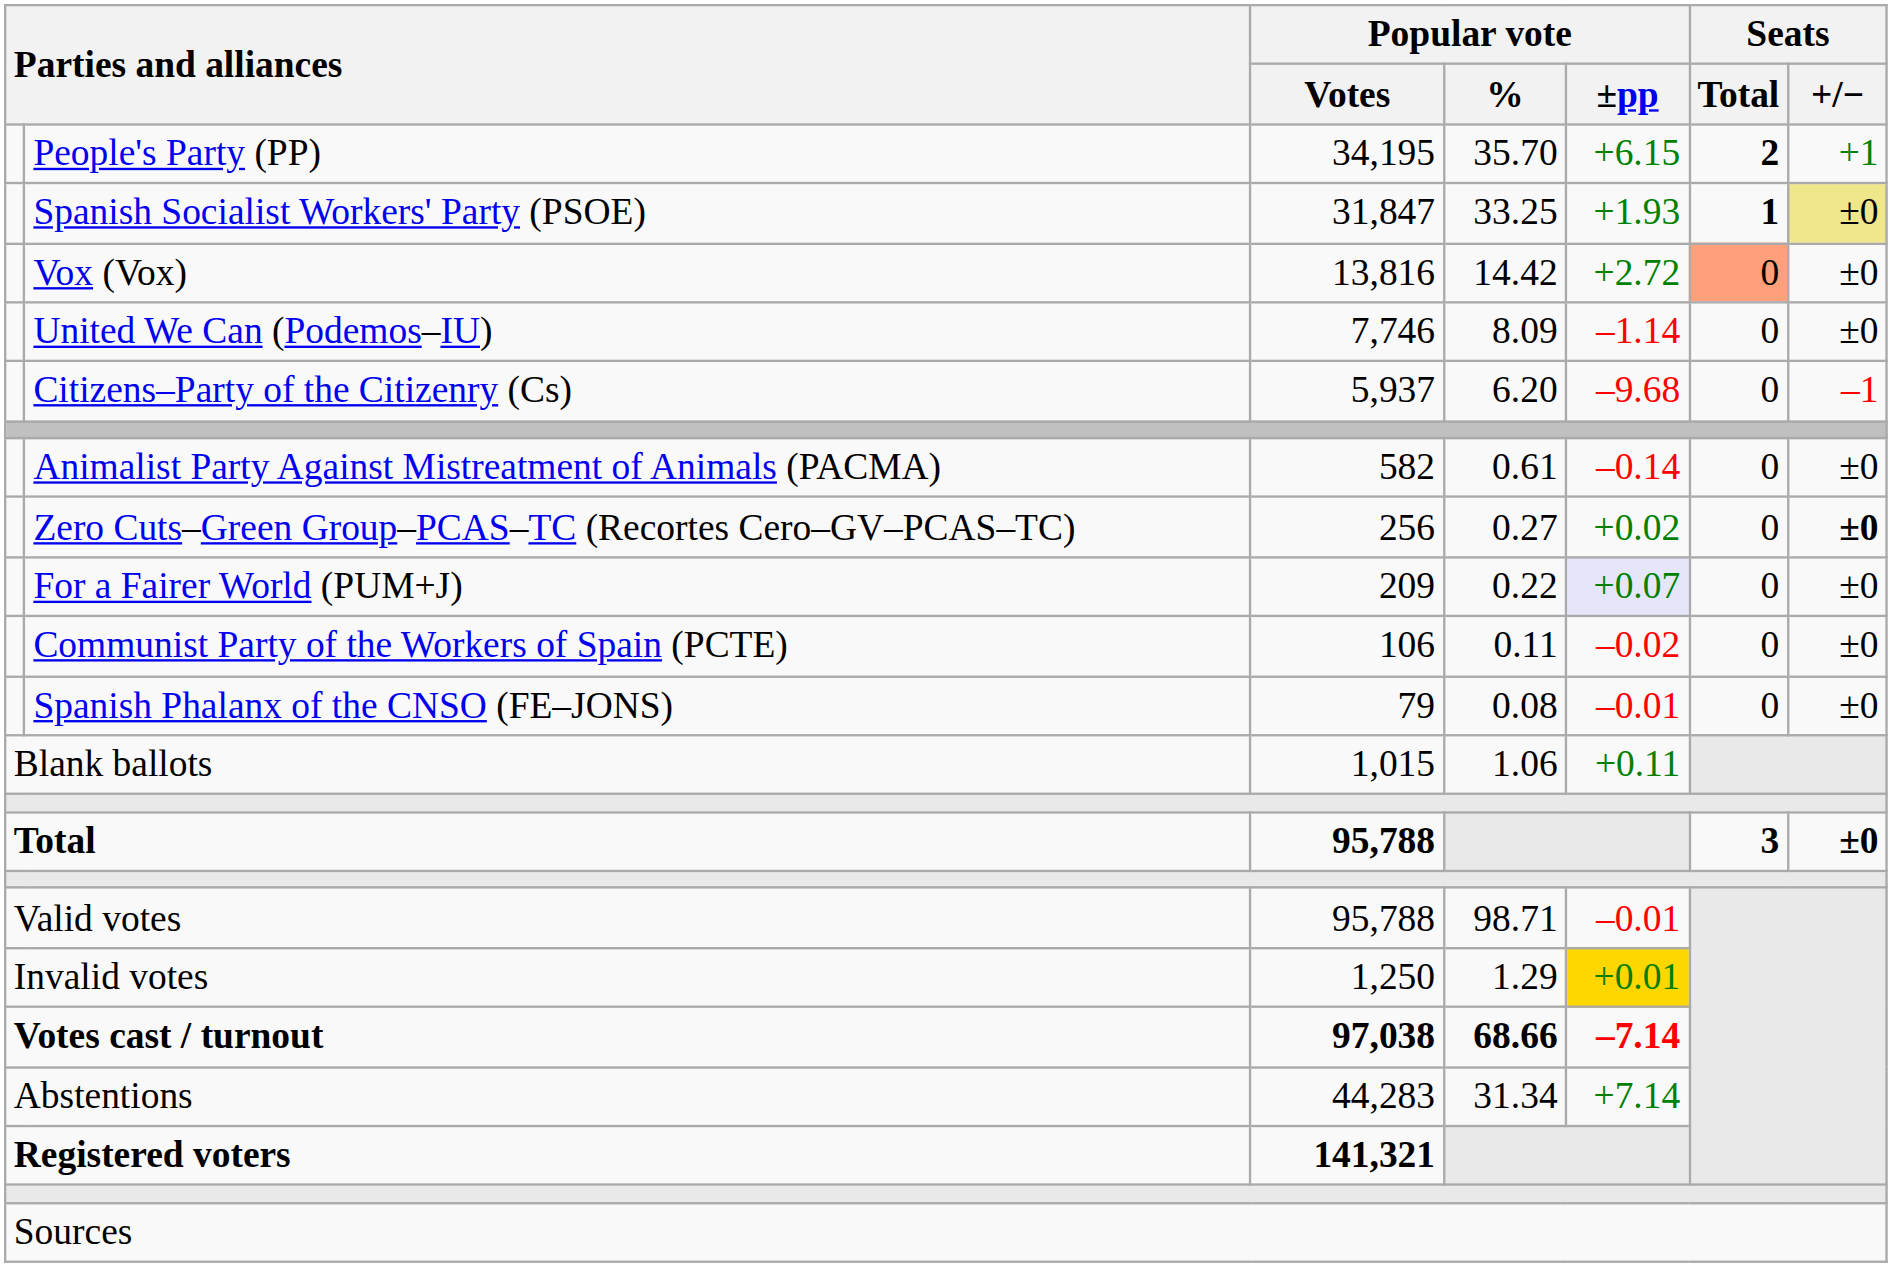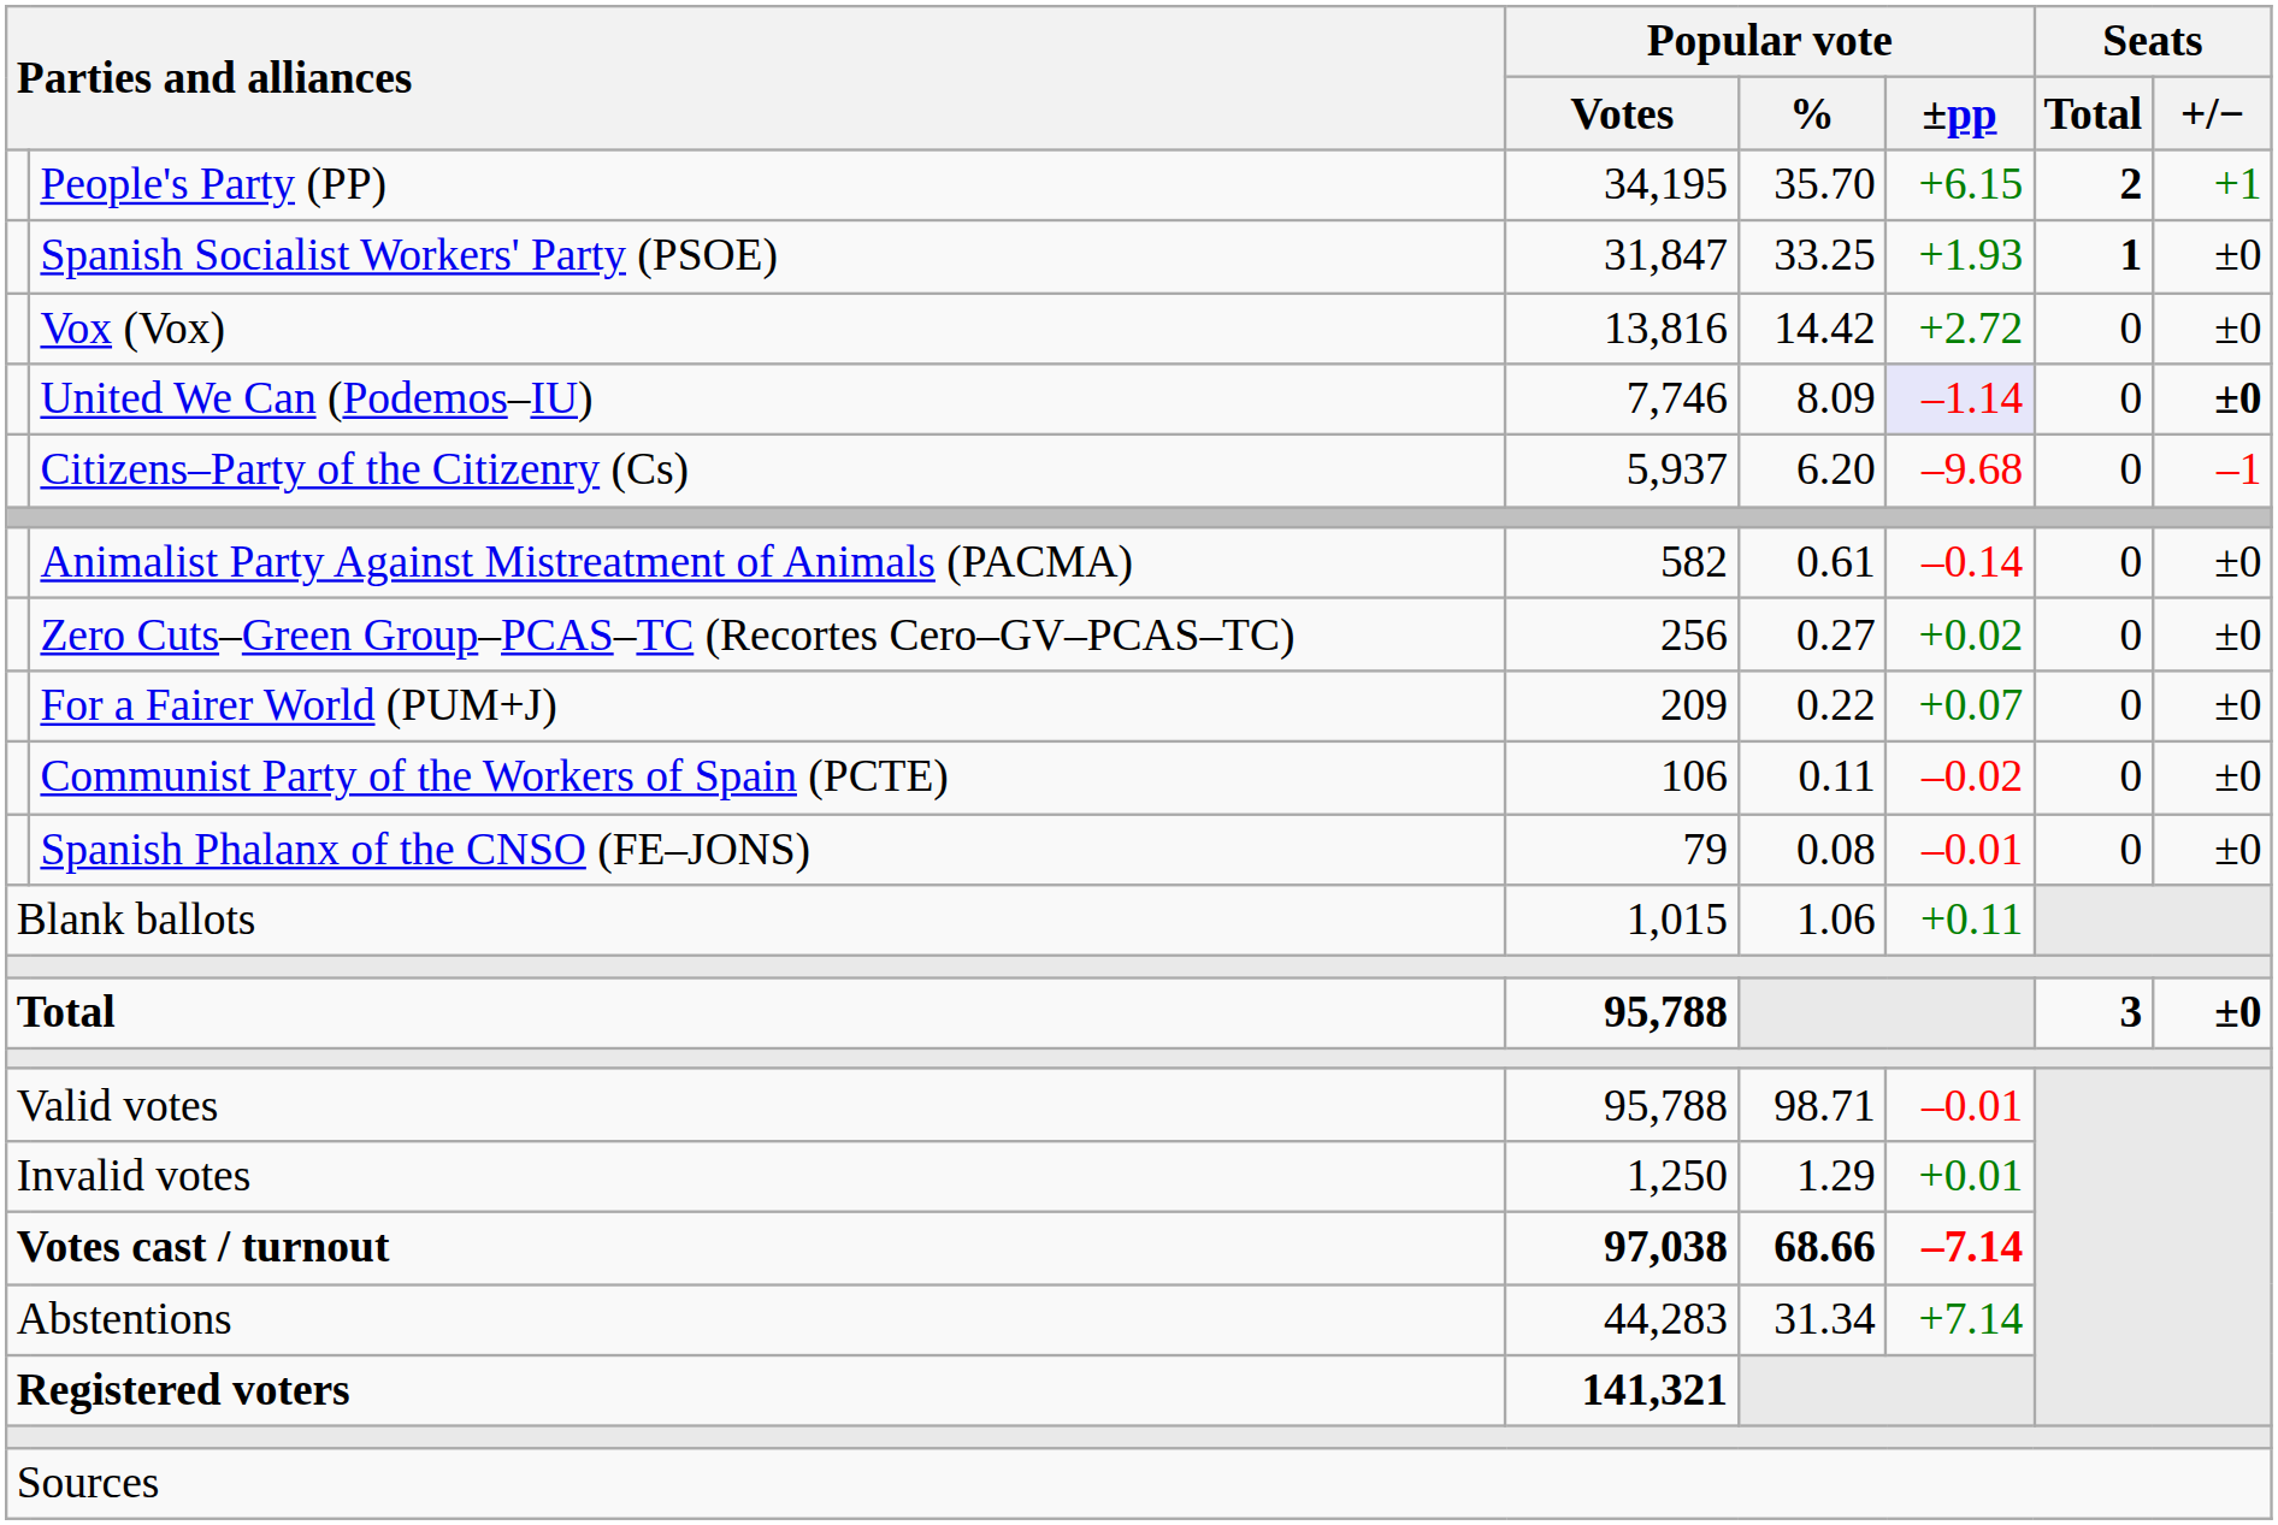 <table class="wikitable" style="text-align:right;">
 <tr>
 <th style="text-align:left;" rowspan="2" colspan="2" width="525">Parties and alliances</th>
 <th colspan="3">Popular vote</th>
 <th colspan="2">Seats</th>
 </tr>
 <tr>
 <th width="75">Votes</th>
 <th width="45">%</th>
 <th width="45">±<a href='#'>pp</a></th>
 <th width="35">Total</th>
 <th width="35">+/−</th>
 </tr>
 <tr>
 <td width="1" style="color:inherit;background:"></td>
 <td align="left"><a href='#'>People's Party</a> (PP)</td>
 <td>34,195</td>
 <td>35.70</td>
 <td style="color:green;">+6.15</td>
 <td><strong>2</strong></td>
 <td style="color:green;">+1</td>
 </tr>
 <tr>
 <td style="color:inherit;background:"></td>
 <td align="left"><a href='#'>Spanish Socialist Workers' Party</a> (PSOE)</td>
 <td>31,847</td>
 <td>33.25</td>
 <td style="color:green;">+1.93</td>
 <td><strong>1</strong></td>
-<td style="background: khaki;">±0</td>
+<td>±0</td>
 </tr>
 <tr>
 <td style="color:inherit;background:"></td>
 <td align="left"><a href='#'>Vox</a> (Vox)</td>
 <td>13,816</td>
 <td>14.42</td>
 <td style="color:green;">+2.72</td>
-<td style="background: lightsalmon;">0</td>
+<td>0</td>
 <td>±0</td>
 </tr>
 <tr>
 <td style="color:inherit;background:"></td>
 <td align="left"><a href='#'>United We Can</a> (<a href='#'>Podemos</a>–<a href='#'>IU</a>)</td>
 <td>7,746</td>
 <td>8.09</td>
-<td style="color:red;">–1.14</td>
+<td style="background: lavender; color:red;">–1.14</td>
 <td>0</td>
-<td>±0</td>
+<td><strong>±0</strong></td>
 </tr>
 <tr>
 <td style="color:inherit;background:"></td>
 <td align="left"><a href='#'>Citizens–Party of the Citizenry</a> (Cs)</td>
 <td>5,937</td>
 <td>6.20</td>
 <td style="color:red;">–9.68</td>
 <td>0</td>
 <td style="color:red;">–1</td>
 </tr>
 <tr>
 <td colspan="7" bgcolor="#C0C0C0"></td>
 </tr>
 <tr>
 <td style="color:inherit;background:"></td>
 <td align="left"><a href='#'>Animalist Party Against Mistreatment of Animals</a> (PACMA)</td>
 <td>582</td>
 <td>0.61</td>
 <td style="color:red;">–0.14</td>
 <td>0</td>
 <td>±0</td>
 </tr>
 <tr>
 <td style="color:inherit;background:"></td>
 <td align="left"><a href='#'>Zero Cuts</a>–<a href='#'>Green Group</a>–<a href='#'>PCAS</a>–<a href='#'>TC</a> (Recortes Cero–GV–PCAS–TC)</td>
 <td>256</td>
 <td>0.27</td>
 <td style="color:green;">+0.02</td>
 <td>0</td>
-<td><strong>±0</strong></td>
+<td>±0</td>
 </tr>
 <tr>
 <td style="color:inherit;background:"></td>
 <td align="left"><a href='#'>For a Fairer World</a> (PUM+J)</td>
 <td>209</td>
 <td>0.22</td>
-<td style="background: lavender; color:green;">+0.07</td>
+<td style="color:green;">+0.07</td>
 <td>0</td>
 <td>±0</td>
 </tr>
 <tr>
 <td style="color:inherit;background:"></td>
 <td align="left"><a href='#'>Communist Party of the Workers of Spain</a> (PCTE)</td>
 <td>106</td>
 <td>0.11</td>
 <td style="color:red;">–0.02</td>
 <td>0</td>
 <td>±0</td>
 </tr>
 <tr>
 <td style="color:inherit;background:"></td>
 <td align="left"><a href='#'>Spanish Phalanx of the CNSO</a> (FE–JONS)</td>
 <td>79</td>
 <td>0.08</td>
 <td style="color:red;">–0.01</td>
 <td>0</td>
 <td>±0</td>
 </tr>
 <tr>
 <td align="left" colspan="2">Blank ballots</td>
 <td>1,015</td>
 <td>1.06</td>
 <td style="color:green;">+0.11</td>
 <td bgcolor="#E9E9E9" colspan="2"></td>
 </tr>
 <tr>
 <td colspan="7" bgcolor="#E9E9E9"></td>
 </tr>
 <tr style="font-weight:bold;">
 <td align="left" colspan="2">Total</td>
 <td>95,788</td>
 <td bgcolor="#E9E9E9" colspan="2"></td>
 <td>3</td>
 <td>±0</td>
 </tr>
 <tr>
 <td colspan="7" bgcolor="#E9E9E9"></td>
 </tr>
 <tr>
 <td align="left" colspan="2">Valid votes</td>
 <td>95,788</td>
 <td>98.71</td>
 <td style="color:red;">–0.01</td>
 <td bgcolor="#E9E9E9" colspan="2" rowspan="5"></td>
 </tr>
 <tr>
 <td align="left" colspan="2">Invalid votes</td>
 <td>1,250</td>
 <td>1.29</td>
-<td style="background: gold; color:green;">+0.01</td>
+<td style="color:green;">+0.01</td>
 </tr>
 <tr style="font-weight:bold;">
 <td align="left" colspan="2">Votes cast / turnout</td>
 <td>97,038</td>
 <td>68.66</td>
 <td style="color:red;">–7.14</td>
 </tr>
 <tr>
 <td align="left" colspan="2">Abstentions</td>
 <td>44,283</td>
 <td>31.34</td>
 <td style="color:green;">+7.14</td>
 </tr>
 <tr style="font-weight:bold;">
 <td align="left" colspan="2">Registered voters</td>
 <td>141,321</td>
 <td bgcolor="#E9E9E9" colspan="2"></td>
 </tr>
 <tr>
 <td colspan="7" bgcolor="#E9E9E9"></td>
 </tr>
 <tr>
 <td align="left" colspan="7">Sources</td>
 </tr>
 </table>
